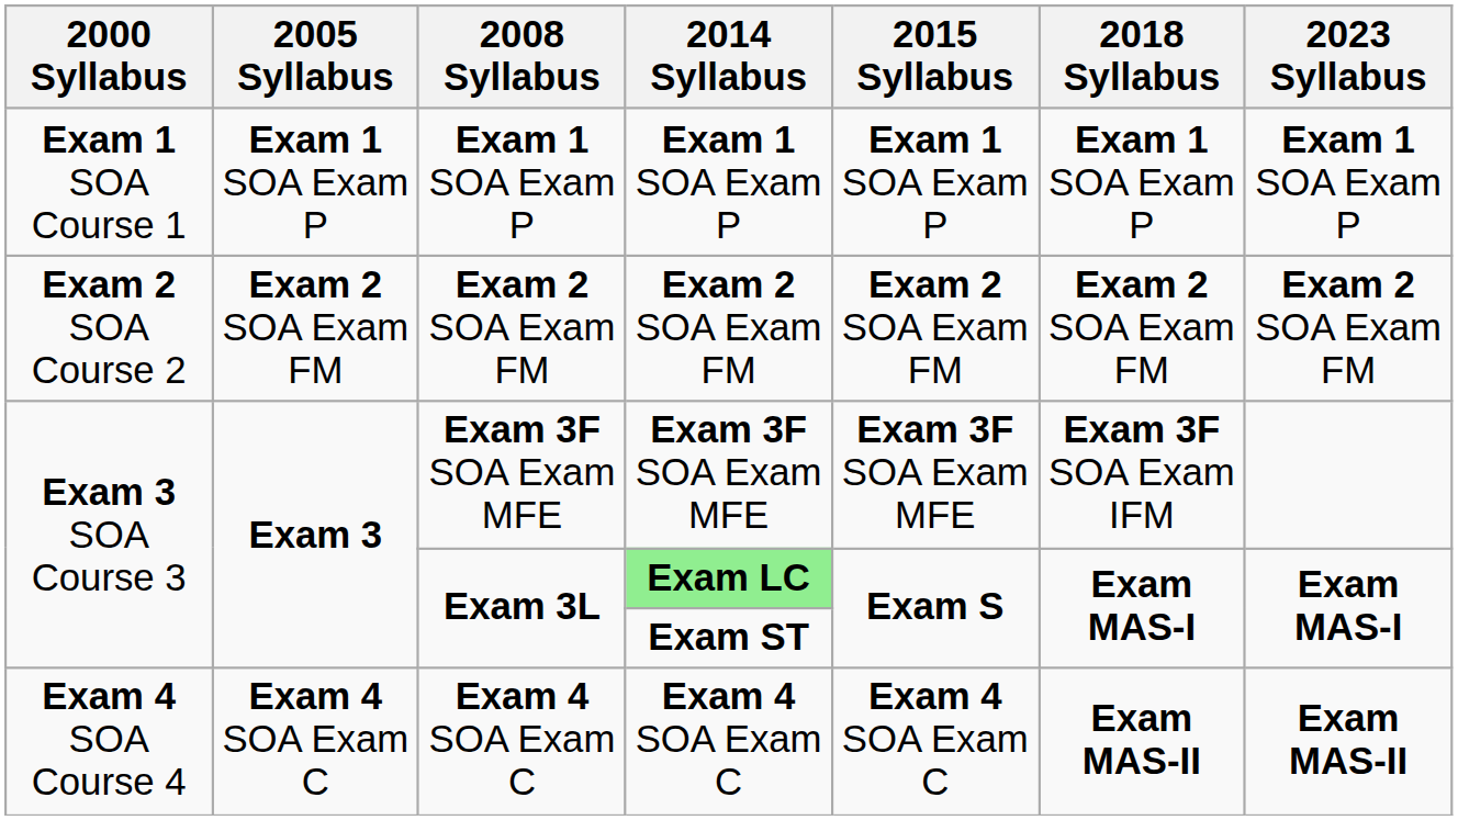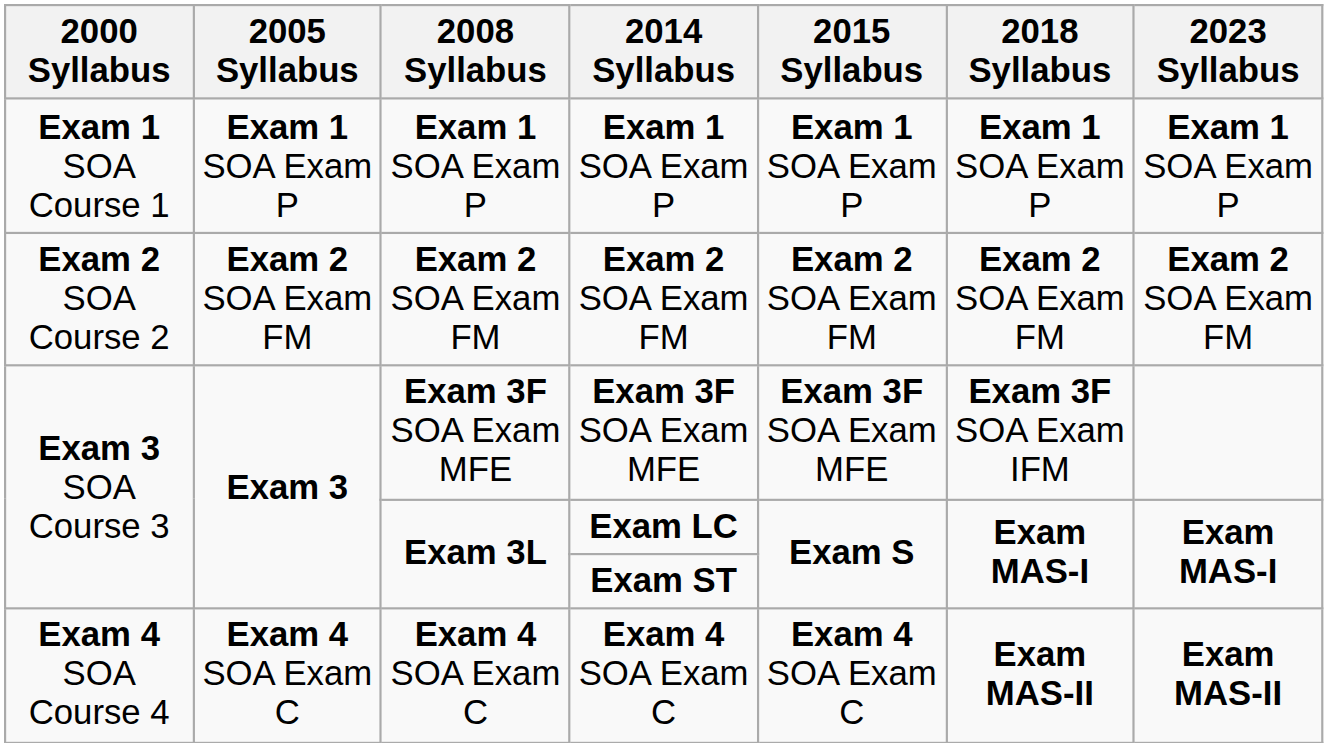 <table class=wikitable style="text-align:center;">
 <tr>
 <th width=10%>2000 Syllabus</th>
 <th width=10%>2005 Syllabus</th>
 <th width=10%>2008 Syllabus</th>
 <th width=10%>2014 Syllabus</th>
 <th width=10%>2015 Syllabus</th>
 <th width=10%>2018 Syllabus</th>
 <th width=10%>2023 Syllabus</th>
 </tr>
 <tr>
 <td><strong>Exam 1</strong><br>SOA Course 1<br></td>
 <td><strong>Exam 1</strong><br>SOA Exam P<br></td>
 <td><strong>Exam 1</strong><br>SOA Exam P<br></td>
 <td><strong>Exam 1</strong><br>SOA Exam P<br></td>
 <td><strong>Exam 1</strong><br>SOA Exam P<br></td>
 <td><strong>Exam 1</strong><br>SOA Exam P<br></td>
 <td><strong>Exam 1</strong><br>SOA Exam P</td>
 </tr>
 <tr>
 <td><strong>Exam 2</strong><br>SOA Course 2<br></td>
 <td><strong>Exam 2</strong><br>SOA Exam FM<br></td>
 <td><strong>Exam 2</strong><br>SOA Exam FM<br></td>
 <td><strong>Exam 2</strong><br>SOA Exam FM<br></td>
 <td><strong>Exam 2</strong><br>SOA Exam FM<br></td>
 <td><strong>Exam 2</strong><br>SOA Exam FM<br></td>
 <td><strong>Exam 2</strong><br>SOA Exam FM</td>
 </tr>
 <tr>
 <td rowspan=3><strong>Exam 3</strong><br>SOA Course 3<br></td>
 <td rowspan=3><strong>Exam 3</strong><br></td>
 <td><strong>Exam 3F</strong><br>SOA Exam MFE<br></td>
 <td><strong>Exam 3F</strong><br>SOA Exam MFE<br></td>
 <td><strong>Exam 3F</strong><br>SOA Exam MFE<br></td>
 <td><strong>Exam 3F</strong><br>SOA Exam IFM<br></td>
 <td></td>
 </tr>
 <tr>
 <td rowspan=2><strong>Exam 3L</strong><br></td>
-<td style="background: lightgreen;"><strong>Exam LC</strong><br></td>
+<td><strong>Exam LC</strong><br></td>
 <td rowspan=2><strong>Exam S</strong><br></td>
 <td rowspan=2><strong>Exam MAS-I</strong><br></td>
 <td rowspan=2><strong>Exam MAS-I</strong></td>
 </tr>
 <tr>
 <td><strong>Exam ST</strong><br></td>
 </tr>
 <tr>
 <td><strong>Exam 4</strong><br>SOA Course 4<br></td>
 <td><strong>Exam 4</strong><br>SOA Exam C<br></td>
 <td><strong>Exam 4</strong><br>SOA Exam C<br></td>
 <td><strong>Exam 4</strong><br>SOA Exam C<br></td>
 <td><strong>Exam 4</strong><br>SOA Exam C<br></td>
 <td><strong>Exam MAS-II</strong><br></td>
 <td><strong>Exam MAS-II</strong></td>
 </tr>
 </table>
